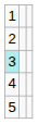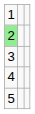 <table class="wikitable" style="display: inline-table;">
 <tr align="center">
 <td>1</td>
 <td></td>
 <td></td>
 </tr>
 <tr align="center">
-<td>2</td>
+<td style="background: lightgreen;">2</td>
 <td></td>
 <td></td>
 </tr>
 <tr align="center">
-<td style="background: paleturquoise;">3</td>
+<td>3</td>
 <td></td>
 <td></td>
 </tr>
 <tr align="center">
 <td>4</td>
 <td></td>
 <td></td>
 </tr>
 <tr align="center">
 <td>5</td>
 <td></td>
 <td></td>
 </tr>
 </table>
